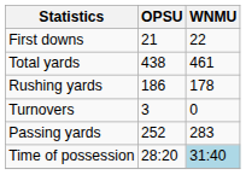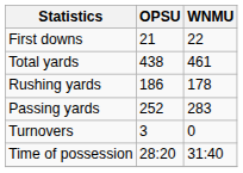 <table class="wikitable">
 <tr>
 <th>Statistics</th>
 <th>OPSU</th>
 <th>WNMU</th>
 </tr>
 <tr>
 <td>First downs</td>
 <td>21</td>
 <td>22</td>
 </tr>
 <tr>
 <td>Total yards</td>
 <td>438</td>
 <td>461</td>
 </tr>
 <tr>
 <td>Rushing yards</td>
 <td>186</td>
 <td>178</td>
 </tr>
 <tr>
+<td>Passing yards</td>
+<td>252</td>
+<td>283</td>
+</tr>
+<tr>
 <td>Turnovers</td>
 <td>3</td>
 <td>0</td>
 </tr>
 <tr>
-<td>Passing yards</td>
-<td>252</td>
-<td>283</td>
-</tr>
-<tr>
 <td>Time of possession</td>
 <td>28:20</td>
-<td style="background: lightblue;">31:40</td>
+<td>31:40</td>
 </tr>
 <tr>
 </tr>
 </table>
